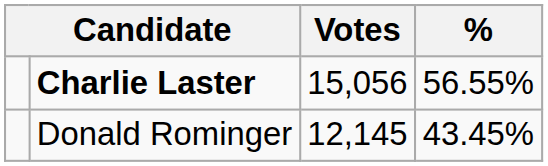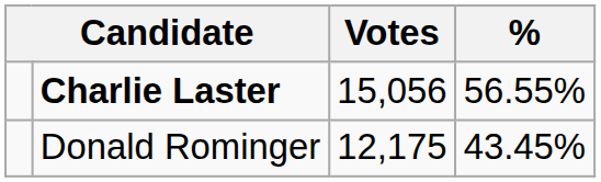 <table class="wikitable">
 <tr>
 <th colspan="2" rowspan="1" align="center" valign="top"><strong>Candidate</strong></th>
 <th valign="top"><strong>Votes</strong></th>
 <th valign="top"><strong>%</strong></th>
 </tr>
 <tr>
 <td style="background-color:"> </td>
 <td><strong>Charlie Laster</strong></td>
 <td>15,056</td>
 <td>56.55%</td>
 </tr>
 <tr>
 <td style="background-color:"> </td>
 <td>Donald Rominger</td>
-<td>12,145</td>
+<td>12,175</td>
 <td>43.45%</td>
 </tr>
 </table>
